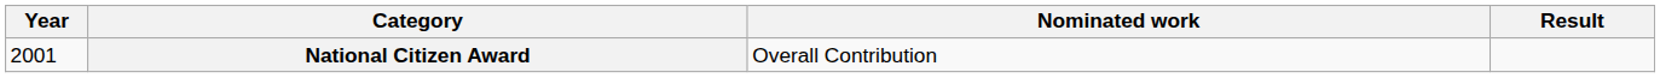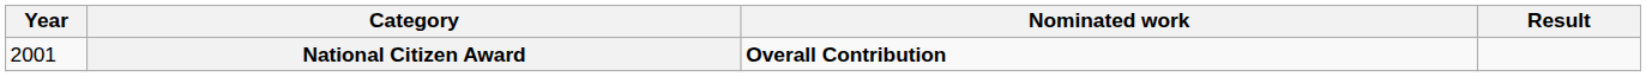 <table class="wikitable sortable plainrowheaders" style="width:100%;">
 <tr>
 <th scope="col" style="width:5%;">Year</th>
 <th scope="col" style="width:40%;">Category</th>
 <th scope="col" style="width:45%;">Nominated work</th>
 <th scope="col" style="width:10%;">Result</th>
 </tr>
 <tr>
 <td>2001</td>
 <th scope="row">National Citizen Award</th>
-<td>Overall Contribution</td>
+<td><strong>Overall Contribution</strong></td>
 <td></td>
 </tr>
 </table>
